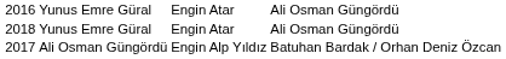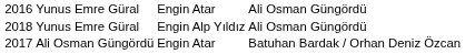 <table>
 <tr>
 <td>2016</td>
 <td>Yunus Emre Güral</td>
 <td>Engin Atar</td>
 <td>Ali Osman Güngördü</td>
 </tr>
 <tr>
 <td>2018</td>
 <td>Yunus Emre Güral</td>
-<td>Engin Atar</td>
+<td>Engin Alp Yıldız</td>
 <td>Ali Osman Güngördü</td>
 </tr>
 <tr>
 <td>2017</td>
 <td>Ali Osman Güngördü</td>
-<td>Engin Alp Yıldız</td>
+<td>Engin Atar</td>
 <td>Batuhan Bardak / Orhan Deniz Özcan</td>
 </tr>
 </table>
